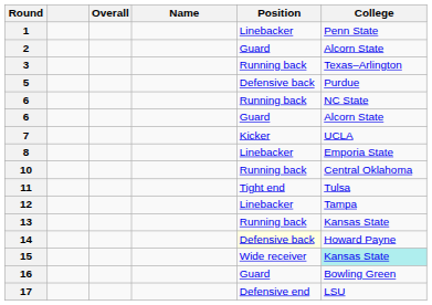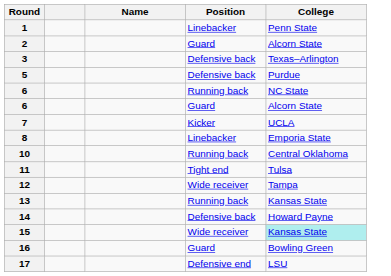 <table class="wikitable sortable">
 <tr>
 <th scope="col" style="width: 10%;">Round</th>
 <th scope="col" style="width: 10%;"></th>
-<th scope="col" style="width: 10%;">Overall</th>
 <th scope="col" style="width: 25%;">Name</th>
 <th scope="col" style="width: 20%;">Position</th>
 <th scope="col" style="width: 25%;">College</th>
 </tr>
 <tr>
 <th scope="row">1</th>
-<td></td>
 <td></td>
 <td></td>
 <td><a href='#'>Linebacker</a></td>
 <td><a href='#'>Penn State</a></td>
 </tr>
 <tr>
 <th scope="row">2</th>
 <td></td>
 <td></td>
-<td></td>
 <td><a href='#'>Guard</a></td>
 <td><a href='#'>Alcorn State</a></td>
 </tr>
 <tr>
 <th scope="row">3</th>
 <td></td>
 <td></td>
-<td></td>
-<td><a href='#'>Running back</a></td>
+<td><a href='#'>Defensive back</a></td>
 <td><a href='#'>Texas–Arlington</a></td>
 </tr>
 <tr>
 <th scope="row">5</th>
-<td></td>
 <td></td>
 <td></td>
 <td><a href='#'>Defensive back</a></td>
 <td><a href='#'>Purdue</a></td>
 </tr>
 <tr>
 <th scope="row">6</th>
 <td></td>
 <td></td>
-<td></td>
 <td><a href='#'>Running back</a></td>
 <td><a href='#'>NC State</a></td>
 </tr>
 <tr>
 <th scope="row">6</th>
-<td></td>
 <td></td>
 <td></td>
 <td><a href='#'>Guard</a></td>
 <td><a href='#'>Alcorn State</a></td>
 </tr>
 <tr>
 <th scope="row">7</th>
 <td></td>
 <td></td>
-<td></td>
 <td><a href='#'>Kicker</a></td>
 <td><a href='#'>UCLA</a></td>
 </tr>
 <tr>
 <th scope="row">8</th>
-<td></td>
 <td></td>
 <td></td>
 <td><a href='#'>Linebacker</a></td>
 <td><a href='#'>Emporia State</a></td>
 </tr>
 <tr>
 <th scope="row">10</th>
 <td></td>
 <td></td>
-<td></td>
 <td><a href='#'>Running back</a></td>
 <td><a href='#'>Central Oklahoma</a></td>
 </tr>
 <tr>
 <th scope="row">11</th>
-<td></td>
 <td></td>
 <td></td>
 <td><a href='#'>Tight end</a></td>
 <td><a href='#'>Tulsa</a></td>
 </tr>
 <tr>
 <th scope="row">12</th>
 <td></td>
 <td></td>
-<td></td>
-<td><a href='#'>Linebacker</a></td>
+<td><a href='#'>Wide receiver</a></td>
 <td><a href='#'>Tampa</a></td>
 </tr>
 <tr>
 <th scope="row">13</th>
-<td></td>
 <td></td>
 <td></td>
 <td><a href='#'>Running back</a></td>
 <td><a href='#'>Kansas State</a></td>
 </tr>
 <tr>
 <th scope="row">14</th>
 <td></td>
 <td></td>
-<td></td>
-<td style="background: lightyellow;"><a href='#'>Defensive back</a></td>
+<td><a href='#'>Defensive back</a></td>
 <td><a href='#'>Howard Payne</a></td>
 </tr>
 <tr>
 <th scope="row">15</th>
-<td></td>
 <td></td>
 <td></td>
 <td><a href='#'>Wide receiver</a></td>
 <td style="background: paleturquoise;"><a href='#'>Kansas State</a></td>
 </tr>
 <tr>
 <th scope="row">16</th>
 <td></td>
 <td></td>
-<td></td>
 <td><a href='#'>Guard</a></td>
 <td><a href='#'>Bowling Green</a></td>
 </tr>
 <tr>
 <th scope="row">17</th>
 <td></td>
 <td></td>
-<td></td>
 <td><a href='#'>Defensive end</a></td>
 <td><a href='#'>LSU</a></td>
 </tr>
 </table>
